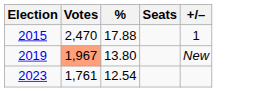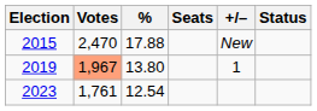 <table class=wikitable style="text-align:center">
 <tr>
 <th>Election</th>
 <th>Votes</th>
 <th>%</th>
 <th>Seats</th>
 <th>+/–</th>
+<th>Status</th>
 </tr>
 <tr>
 <td><a href='#'>2015</a></td>
 <td>2,470</td>
 <td>17.88</td>
 <td></td>
-<td>1</td>
+<td><em>New</em></td>
+<td></td>
 </tr>
 <tr>
 <td><a href='#'>2019</a></td>
 <td style="background: lightsalmon;">1,967</td>
 <td>13.80</td>
 <td></td>
-<td><em>New</em></td>
+<td>1</td>
+<td></td>
 </tr>
 <tr>
 <td><a href='#'>2023</a></td>
 <td>1,761</td>
 <td>12.54</td>
 <td></td>
 <td></td>
+<td></td>
 </tr>
 </table>
